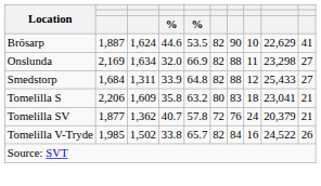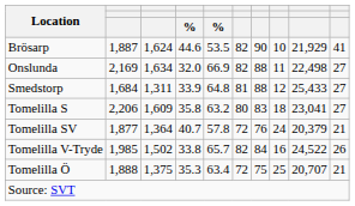 <table role="presentation" class="wikitable sortable mw-collapsible">
 <tr>
 <th rowspan="3">Location</th>
 <th></th>
 <th></th>
 <th></th>
 <th></th>
 <th></th>
 <th></th>
 <th></th>
 <th></th>
 <th></th>
 </tr>
 <tr>
 <th></th>
 <th></th>
 <th style="background:"></th>
 <th style="background:"></th>
 <th></th>
 <th></th>
 <th></th>
 <th></th>
 <th></th>
 </tr>
 <tr>
 <th data-sort-type="number"></th>
 <th data-sort-type="number"></th>
 <th data-sort-type="number">%</th>
 <th data-sort-type="number">%</th>
 <th data-sort-type="number"></th>
 <th data-sort-type="number"></th>
 <th data-sort-type="number"></th>
 <th data-sort-type="number"></th>
 <th data-sort-type="number"></th>
 </tr>
 <tr>
 <td align="left">Brösarp</td>
 <td>1,887</td>
 <td>1,624</td>
 <td>44.6</td>
 <td>53.5</td>
 <td>82</td>
 <td>90</td>
 <td>10</td>
-<td>22,629</td>
+<td>21,929</td>
 <td>41</td>
 </tr>
 <tr>
 <td align="left">Onslunda</td>
 <td>2,169</td>
 <td>1,634</td>
 <td>32.0</td>
 <td>66.9</td>
 <td>82</td>
 <td>88</td>
 <td>11</td>
-<td>23,298</td>
+<td>22,498</td>
 <td>27</td>
 </tr>
 <tr>
 <td align="left">Smedstorp</td>
 <td>1,684</td>
 <td>1,311</td>
 <td>33.9</td>
 <td>64.8</td>
-<td>82</td>
+<td>81</td>
 <td>88</td>
 <td>12</td>
 <td>25,433</td>
 <td>27</td>
 </tr>
 <tr>
 <td align="left">Tomelilla S</td>
 <td>2,206</td>
 <td>1,609</td>
 <td>35.8</td>
 <td>63.2</td>
 <td>80</td>
 <td>83</td>
 <td>18</td>
 <td>23,041</td>
-<td>21</td>
+<td>27</td>
 </tr>
 <tr>
 <td align="left">Tomelilla SV</td>
 <td>1,877</td>
-<td>1,362</td>
+<td>1,364</td>
 <td>40.7</td>
 <td>57.8</td>
 <td>72</td>
 <td>76</td>
 <td>24</td>
 <td>20,379</td>
 <td>21</td>
 </tr>
 <tr>
 <td align="left">Tomelilla V-Tryde</td>
 <td>1,985</td>
 <td>1,502</td>
 <td>33.8</td>
 <td>65.7</td>
 <td>82</td>
 <td>84</td>
 <td>16</td>
 <td>24,522</td>
 <td>26</td>
 </tr>
 <tr>
+<td align="left">Tomelilla Ö</td>
+<td>1,888</td>
+<td>1,375</td>
+<td>35.3</td>
+<td>63.4</td>
+<td>72</td>
+<td>75</td>
+<td>25</td>
+<td>20,707</td>
+<td>21</td>
+</tr>
+<tr>
 <td colspan="10" align="left">Source: <a href='#'>SVT</a></td>
 </tr>
 </table>
